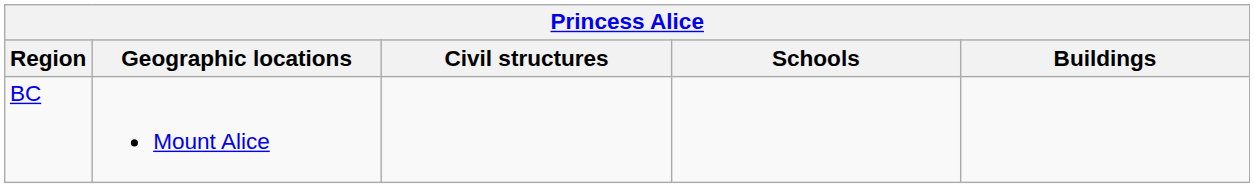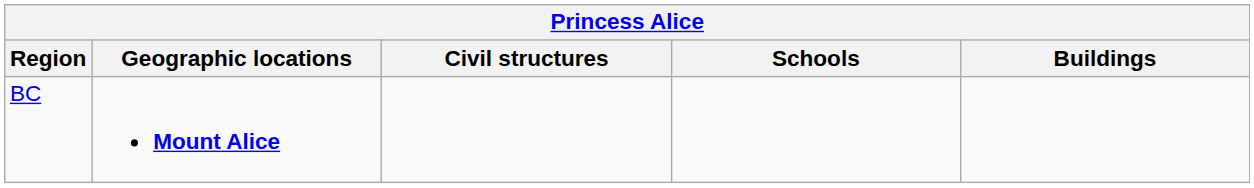 <table class="wikitable" width="100%">
 <tr>
 <th colspan="5"> <a href='#'>Princess Alice</a></th>
 </tr>
 <tr>
 <th width="5%">Region</th>
 <th width="23.75%">Geographic locations</th>
 <th width="23.75%">Civil structures</th>
 <th width="23.75%">Schools</th>
 <th width="23.75%">Buildings</th>
 </tr>
 <tr>
 <td align=left valign=top> <a href='#'>BC</a></td>
-<td align=left valign=top><br><ul><li><a href='#'>Mount Alice</a></li></ul></td>
+<td align=left valign=top><strong><br><ul><li><a href='#'>Mount Alice</a></li></ul></strong></td>
 <td></td>
 <td></td>
 <td></td>
 </tr>
 </table>
